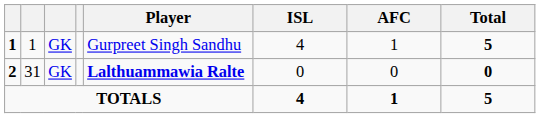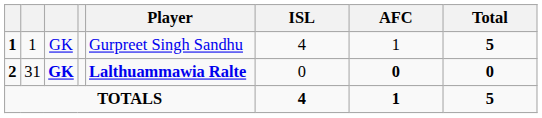 <table class="wikitable" style="font-size: 95%; text-align: center;">
 <tr>
 <th rowspan="1" !width=15></th>
 <th rowspan="1" !width=15></th>
 <th rowspan="1" !width=15></th>
 <th rowspan="1" !width=15></th>
 <th width=150>Player</th>
 <th width=80>ISL</th>
 <th width=80>AFC</th>
 <th width=80>Total</th>
 </tr>
 <tr>
 <td rowspan=1><strong>1</strong></td>
 <td>1</td>
 <td><a href='#'>GK</a></td>
 <td></td>
 <td align=left><a href='#'>Gurpreet Singh Sandhu</a></td>
 <td>4</td>
 <td>1</td>
 <td><strong>5</strong></td>
 </tr>
 <tr>
 <td rowspan=1><strong>2</strong></td>
 <td>31</td>
-<td><a href='#'>GK</a></td>
+<td><strong><a href='#'>GK</a></strong></td>
 <td></td>
 <td align=left><strong><a href='#'>Lalthuammawia Ralte</a></strong></td>
 <td>0</td>
-<td>0</td>
+<td><strong>0</strong></td>
 <td><strong>0</strong></td>
 </tr>
 <tr>
 <td colspan="5"><strong>TOTALS</strong></td>
 <td><strong>4</strong></td>
 <td><strong>1</strong></td>
 <td><strong>5</strong></td>
 </tr>
 </table>
